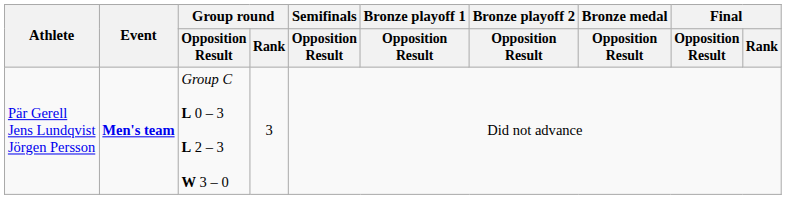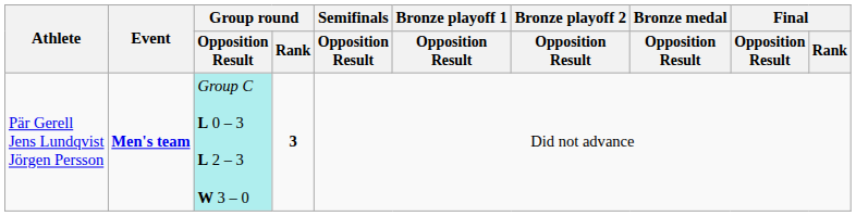 <table class="wikitable" style="font-size:90%">
 <tr>
 <th rowspan="2">Athlete</th>
 <th rowspan="2">Event</th>
 <th colspan="2">Group round</th>
 <th>Semifinals</th>
 <th>Bronze playoff 1</th>
 <th>Bronze playoff 2</th>
 <th>Bronze medal</th>
 <th colspan=2>Final</th>
 </tr>
 <tr style="font-size:95%">
 <th>Opposition<br>Result</th>
 <th>Rank</th>
 <th>Opposition<br>Result</th>
 <th>Opposition<br>Result</th>
 <th>Opposition<br>Result</th>
 <th>Opposition<br>Result</th>
 <th>Opposition<br>Result</th>
 <th>Rank</th>
 </tr>
 <tr align=center>
 <td align=left><a href='#'>Pär Gerell</a><br><a href='#'>Jens Lundqvist</a><br><a href='#'>Jörgen Persson</a></td>
 <td align=left><strong><a href='#'>Men's team</a></strong></td>
-<td align=left><em>Group C</em><br><br><strong>L</strong> 0 – 3<br><br><strong>L</strong> 2 – 3<br><br><strong>W</strong> 3 – 0</td>
-<td>3</td>
+<td align=left style="background: paleturquoise;"><em>Group C</em><br><br><strong>L</strong> 0 – 3<br><br><strong>L</strong> 2 – 3<br><br><strong>W</strong> 3 – 0</td>
+<td><strong>3</strong></td>
 <td colspan=6>Did not advance</td>
 </tr>
 </table>
